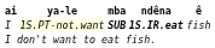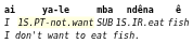 <table>
 <tr>
 <th>ai</th>
 <th>ya-le</th>
 <th>mba</th>
 <th>ndêna</th>
 <th>ê</th>
 </tr>
 <tr>
 <td><em>I</em></td>
 <td style="background: lightyellow;"><em>1S.PT-not.want</em></td>
-<td><strong><em>SUB</em></strong></td>
-<td><strong><em>1S.IR.eat</em></strong></td>
+<td><em>SUB</em></td>
+<td><em>1S.IR.eat</em></td>
 <td><em>fish</em></td>
 </tr>
 <tr>
 <td colspan="5"><em>I don't want to eat fish.</em></td>
 </tr>
 </table>
